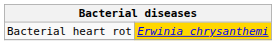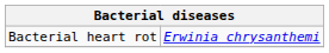 <table class="wikitable" style="clear">
 <tr>
 <th colspan=2><strong>Bacterial diseases</strong><br></th>
 </tr>
 <tr>
 <td>Bacterial heart rot</td>
-<td style="background: gold;"><em><a href='#'>Erwinia chrysanthemi</a></em></td>
+<td><em><a href='#'>Erwinia chrysanthemi</a></em></td>
 </tr>
 <tr>
 </tr>
 </table>
